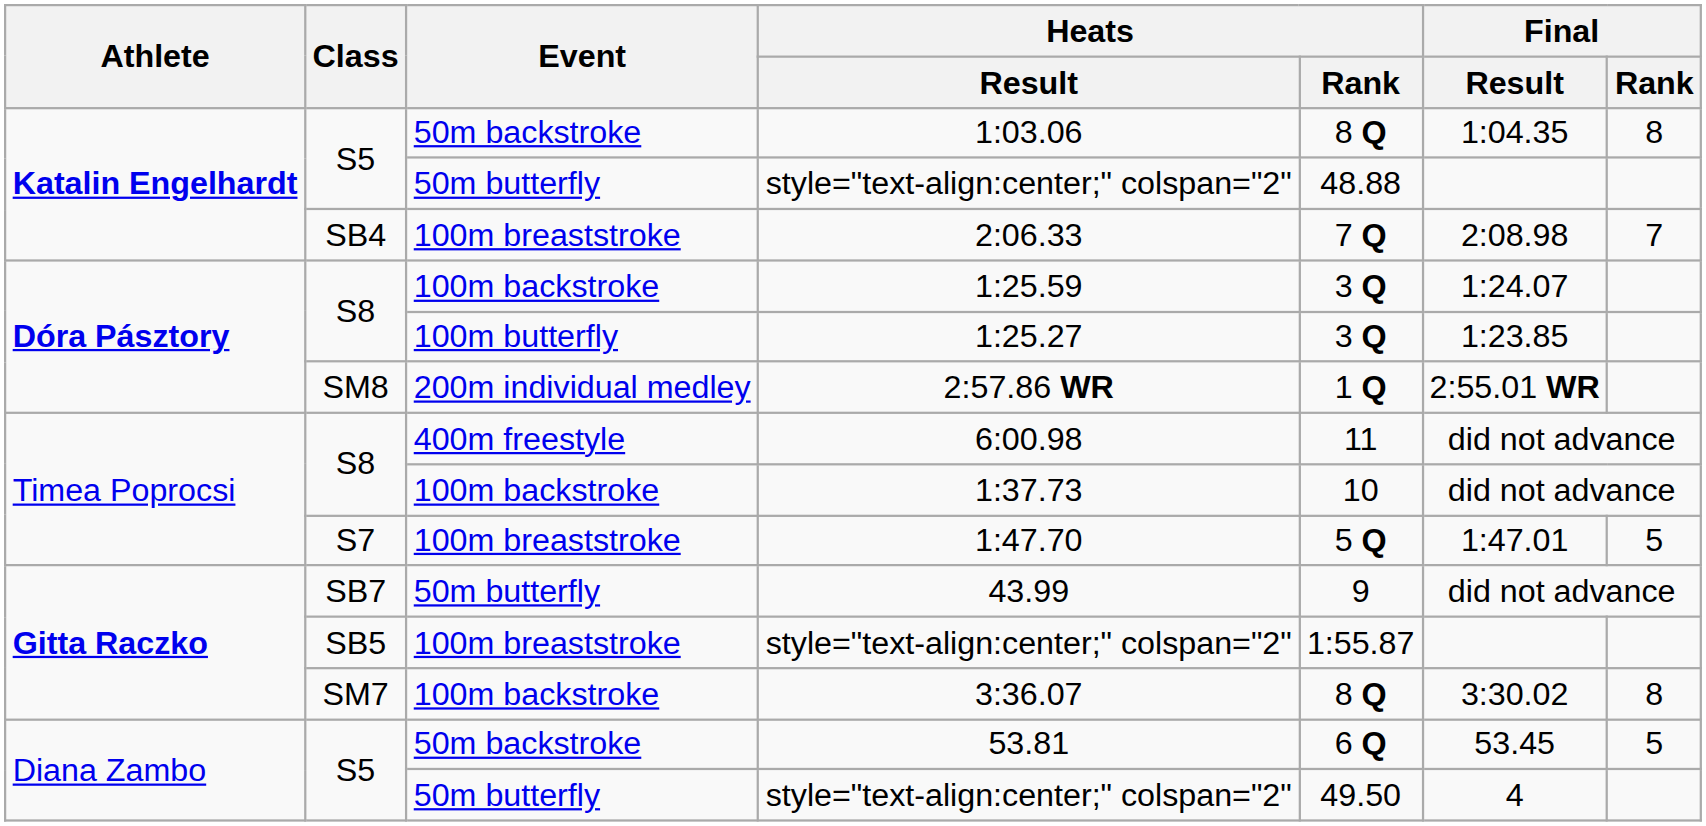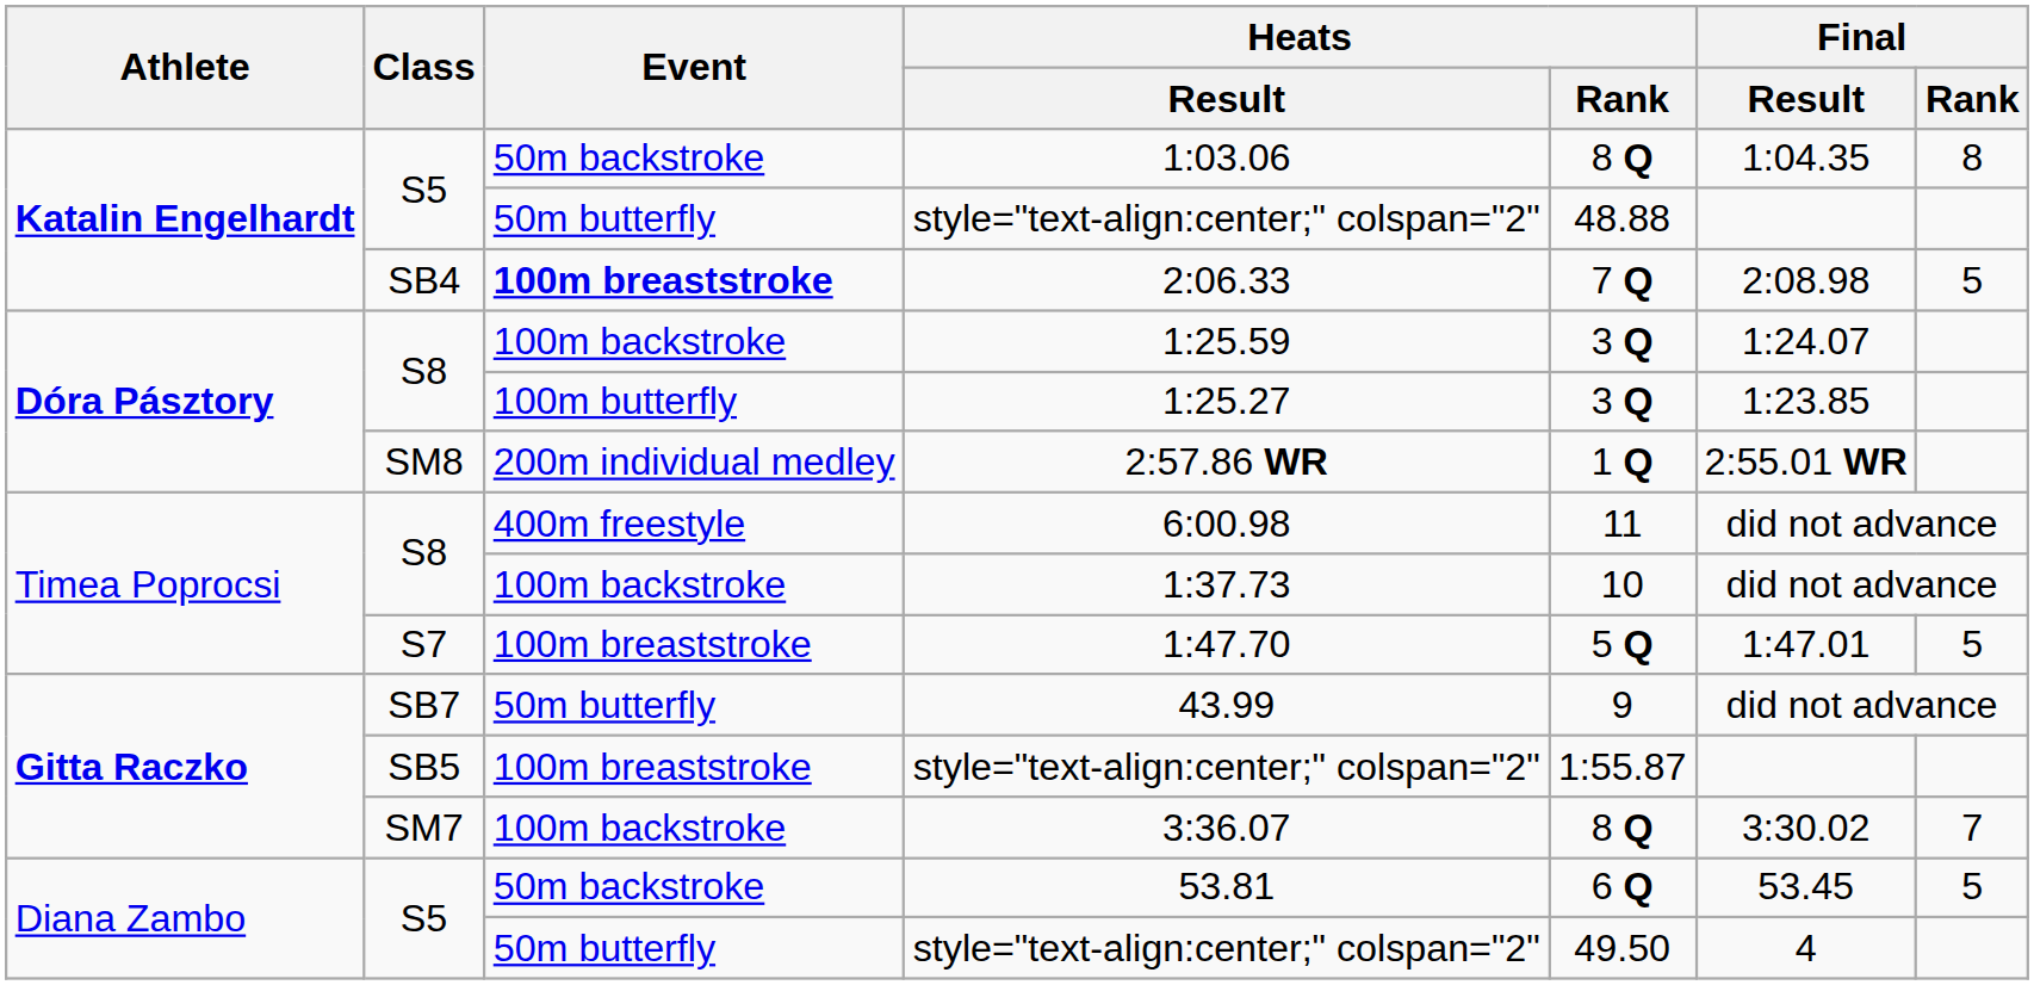 <table class=wikitable style="font-size:90%">
 <tr>
 <th rowspan="2">Athlete</th>
 <th rowspan="2">Class</th>
 <th rowspan="2">Event</th>
 <th colspan="2">Heats</th>
 <th colspan="2">Final</th>
 </tr>
 <tr>
 <th>Result</th>
 <th>Rank</th>
 <th>Result</th>
 <th>Rank</th>
 </tr>
 <tr>
 <td rowspan="3"><strong><a href='#'>Katalin Engelhardt</a></strong></td>
 <td rowspan="2" style="text-align:center;">S5</td>
 <td><a href='#'>50m backstroke</a></td>
 <td style="text-align:center;">1:03.06</td>
 <td style="text-align:center;">8 <strong>Q</strong></td>
 <td style="text-align:center;">1:04.35</td>
 <td style="text-align:center;">8</td>
 </tr>
 <tr>
 <td><a href='#'>50m butterfly</a></td>
 <td>style="text-align:center;" colspan="2" </td>
 <td style="text-align:center;">48.88</td>
 <td style="text-align:center;"></td>
 </tr>
 <tr>
 <td style="text-align:center;">SB4</td>
-<td><a href='#'>100m breaststroke</a></td>
+<td><strong><a href='#'>100m breaststroke</a></strong></td>
 <td style="text-align:center;">2:06.33</td>
 <td style="text-align:center;">7 <strong>Q</strong></td>
 <td style="text-align:center;">2:08.98</td>
-<td style="text-align:center;">7</td>
+<td style="text-align:center;">5</td>
 </tr>
 <tr>
 <td rowspan="3"><strong><a href='#'>Dóra Pásztory</a></strong></td>
 <td rowspan="2" style="text-align:center;">S8</td>
 <td><a href='#'>100m backstroke</a></td>
 <td style="text-align:center;">1:25.59</td>
 <td style="text-align:center;">3 <strong>Q</strong></td>
 <td style="text-align:center;">1:24.07</td>
 <td style="text-align:center;"></td>
 </tr>
 <tr>
 <td><a href='#'>100m butterfly</a></td>
 <td style="text-align:center;">1:25.27</td>
 <td style="text-align:center;">3 <strong>Q</strong></td>
 <td style="text-align:center;">1:23.85</td>
 <td style="text-align:center;"></td>
 </tr>
 <tr>
 <td style="text-align:center;">SM8</td>
 <td><a href='#'>200m individual medley</a></td>
 <td style="text-align:center;">2:57.86 <strong>WR</strong></td>
 <td style="text-align:center;">1 <strong>Q</strong></td>
 <td style="text-align:center;">2:55.01 <strong>WR</strong></td>
 <td style="text-align:center;"></td>
 </tr>
 <tr>
 <td rowspan="3"><a href='#'>Timea Poprocsi</a></td>
 <td rowspan="2" style="text-align:center;">S8</td>
 <td><a href='#'>400m freestyle</a></td>
 <td style="text-align:center;">6:00.98</td>
 <td style="text-align:center;">11</td>
 <td style="text-align:center;" colspan="2">did not advance</td>
 </tr>
 <tr>
 <td><a href='#'>100m backstroke</a></td>
 <td style="text-align:center;">1:37.73</td>
 <td style="text-align:center;">10</td>
 <td style="text-align:center;" colspan="2">did not advance</td>
 </tr>
 <tr>
 <td style="text-align:center;">S7</td>
 <td><a href='#'>100m breaststroke</a></td>
 <td style="text-align:center;">1:47.70</td>
 <td style="text-align:center;">5 <strong>Q</strong></td>
 <td style="text-align:center;">1:47.01</td>
 <td style="text-align:center;">5</td>
 </tr>
 <tr>
 <td rowspan="3"><strong><a href='#'>Gitta Raczko</a></strong></td>
 <td style="text-align:center;">SB7</td>
 <td><a href='#'>50m butterfly</a></td>
 <td style="text-align:center;">43.99</td>
 <td style="text-align:center;">9</td>
 <td style="text-align:center;" colspan="2">did not advance</td>
 </tr>
 <tr>
 <td style="text-align:center;">SB5</td>
 <td><a href='#'>100m breaststroke</a></td>
 <td>style="text-align:center;" colspan="2" </td>
 <td style="text-align:center;">1:55.87</td>
 <td style="text-align:center;"></td>
 </tr>
 <tr>
 <td style="text-align:center;">SM7</td>
 <td><a href='#'>100m backstroke</a></td>
 <td style="text-align:center;">3:36.07</td>
 <td style="text-align:center;">8 <strong>Q</strong></td>
 <td style="text-align:center;">3:30.02</td>
-<td style="text-align:center;">8</td>
+<td style="text-align:center;">7</td>
 </tr>
 <tr>
 <td rowspan="2"><a href='#'>Diana Zambo</a></td>
 <td rowspan="2" style="text-align:center;">S5</td>
 <td><a href='#'>50m backstroke</a></td>
 <td style="text-align:center;">53.81</td>
 <td style="text-align:center;">6 <strong>Q</strong></td>
 <td style="text-align:center;">53.45</td>
 <td style="text-align:center;">5</td>
 </tr>
 <tr>
 <td><a href='#'>50m butterfly</a></td>
 <td>style="text-align:center;" colspan="2" </td>
 <td style="text-align:center;">49.50</td>
 <td style="text-align:center;">4</td>
 </tr>
 </table>
